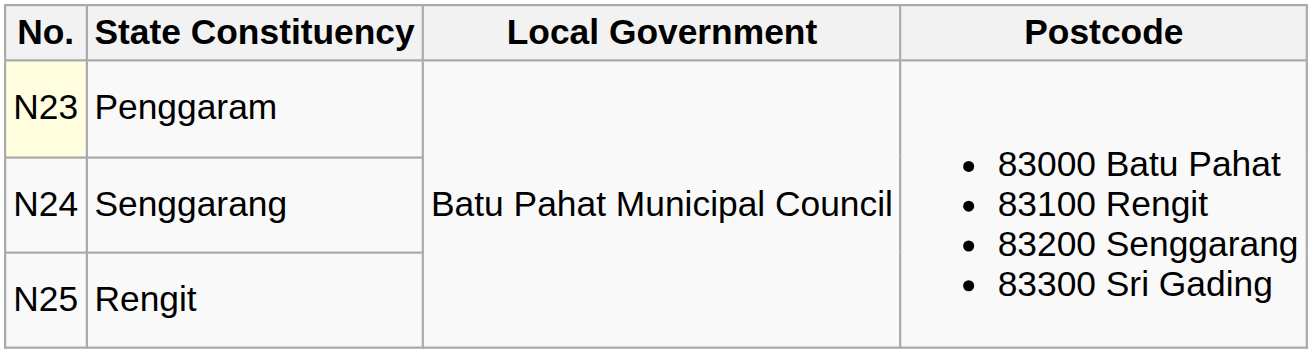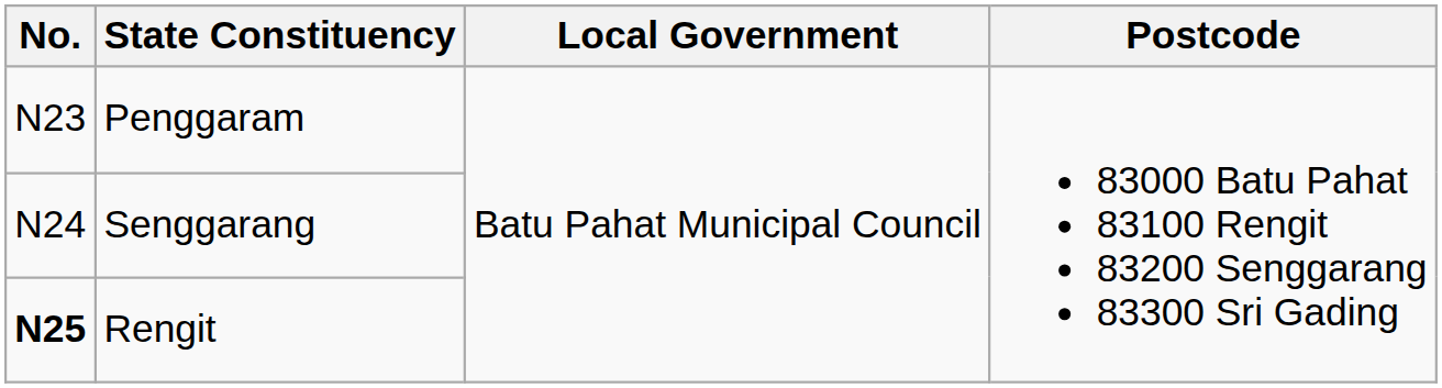 <table class="wikitable">
 <tr>
 <th>No.</th>
 <th>State Constituency</th>
 <th>Local Government</th>
 <th>Postcode</th>
 </tr>
 <tr>
-<td style="background: lightyellow;">N23</td>
+<td>N23</td>
 <td>Penggaram</td>
 <td rowspan="3">Batu Pahat Municipal Council</td>
 <td rowspan="3"><br><ul><li>83000 Batu Pahat</li><li>83100 Rengit</li><li>83200 Senggarang</li><li>83300 Sri Gading</li></ul></td>
 </tr>
 <tr>
 <td>N24</td>
 <td>Senggarang</td>
 </tr>
 <tr>
-<td>N25</td>
+<td><strong>N25</strong></td>
 <td>Rengit</td>
 </tr>
 </table>
